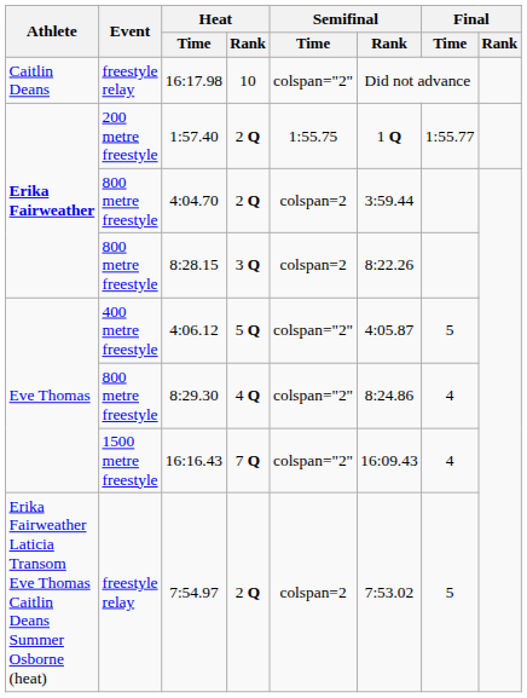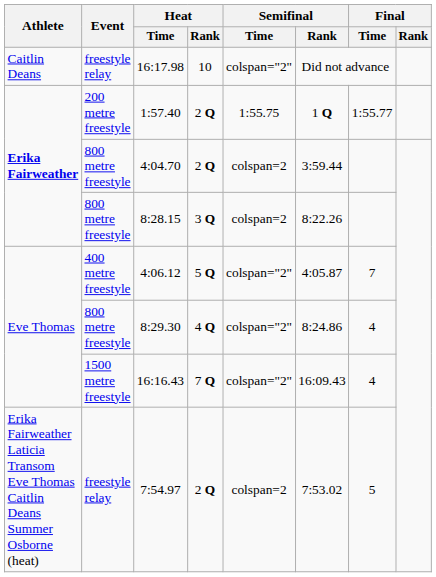 <table class="wikitable" style="text-align:center; font-size:90%; width:70%;">
 <tr>
 <th rowspan="2">Athlete</th>
 <th rowspan="2">Event</th>
 <th colspan="2">Heat</th>
 <th colspan="2">Semifinal</th>
 <th colspan="2">Final</th>
 </tr>
 <tr style="font-size:95%">
 <th>Time</th>
 <th>Rank</th>
 <th>Time</th>
 <th>Rank</th>
 <th>Time</th>
 <th>Rank</th>
 </tr>
 <tr>
 <td align=left><a href='#'>Caitlin Deans</a></td>
 <td align="left"><a href='#'> freestyle relay</a></td>
 <td>16:17.98</td>
 <td>10</td>
 <td>colspan="2" </td>
 <td colspan="2">Did not advance</td>
 </tr>
 <tr>
 <td rowspan="3" align="left"><strong><a href='#'>Erika Fairweather</a></strong></td>
 <td align="left"><a href='#'>200 metre freestyle</a></td>
 <td>1:57.40</td>
 <td>2 <strong>Q</strong></td>
 <td>1:55.75</td>
 <td>1 <strong>Q</strong></td>
 <td>1:55.77</td>
 <td></td>
 </tr>
 <tr>
 <td align="left"><a href='#'>800 metre freestyle</a></td>
 <td>4:04.70</td>
 <td>2 <strong>Q</strong></td>
 <td>colspan=2 </td>
 <td>3:59.44</td>
 <td></td>
 </tr>
 <tr>
 <td align="left"><a href='#'>800 metre freestyle</a></td>
 <td>8:28.15</td>
 <td>3 <strong>Q</strong></td>
 <td>colspan=2 </td>
 <td>8:22.26</td>
 <td></td>
 </tr>
 <tr>
 <td rowspan="3" align="left"><a href='#'>Eve Thomas</a></td>
 <td align="left"><a href='#'>400 metre freestyle</a></td>
 <td>4:06.12</td>
 <td>5 <strong>Q</strong></td>
 <td>colspan="2" </td>
 <td>4:05.87</td>
-<td>5</td>
+<td>7</td>
 </tr>
 <tr>
 <td align="left"><a href='#'>800 metre freestyle</a></td>
 <td>8:29.30</td>
 <td>4 <strong>Q</strong></td>
 <td>colspan="2" </td>
 <td>8:24.86</td>
 <td>4</td>
 </tr>
 <tr>
 <td align="left"><a href='#'>1500 metre freestyle</a></td>
 <td>16:16.43</td>
 <td>7 <strong>Q</strong></td>
 <td>colspan="2" </td>
 <td>16:09.43</td>
 <td>4</td>
 </tr>
 <tr>
 <td align="left"><a href='#'>Erika Fairweather</a><br><a href='#'>Laticia Transom</a><br><a href='#'>Eve Thomas</a><br><a href='#'>Caitlin Deans</a><br><a href='#'>Summer Osborne</a> (heat)</td>
 <td align="left"><a href='#'> freestyle relay</a></td>
 <td>7:54.97</td>
 <td>2 <strong>Q</strong></td>
 <td>colspan=2 </td>
 <td>7:53.02</td>
 <td>5</td>
 </tr>
 </table>
